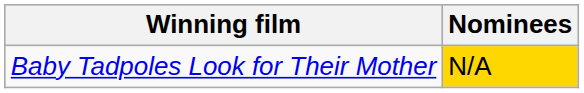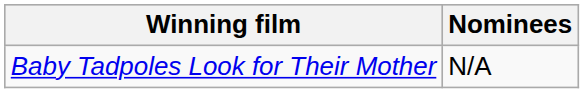 <table class="wikitable">
 <tr>
 <th>Winning film</th>
 <th>Nominees</th>
 </tr>
 <tr>
 <td><em><a href='#'>Baby Tadpoles Look for Their Mother</a></em></td>
-<td style="background: gold;">N/A</td>
+<td>N/A</td>
 </tr>
 </table>
